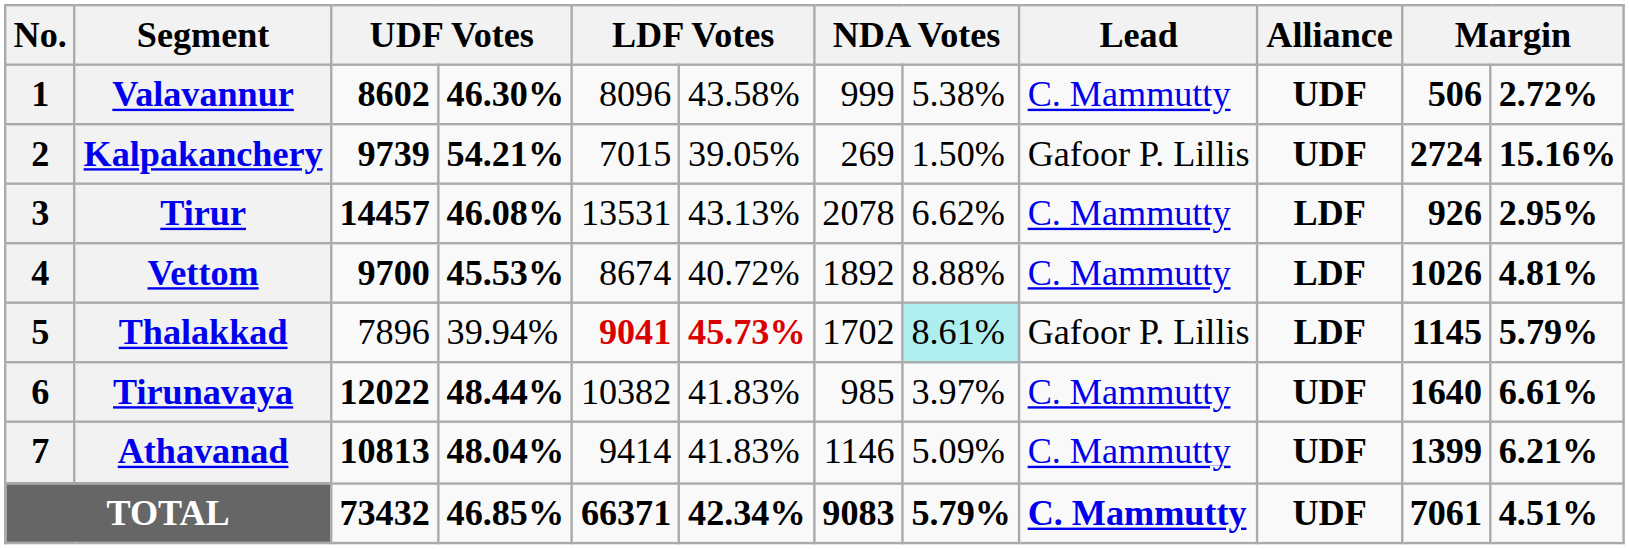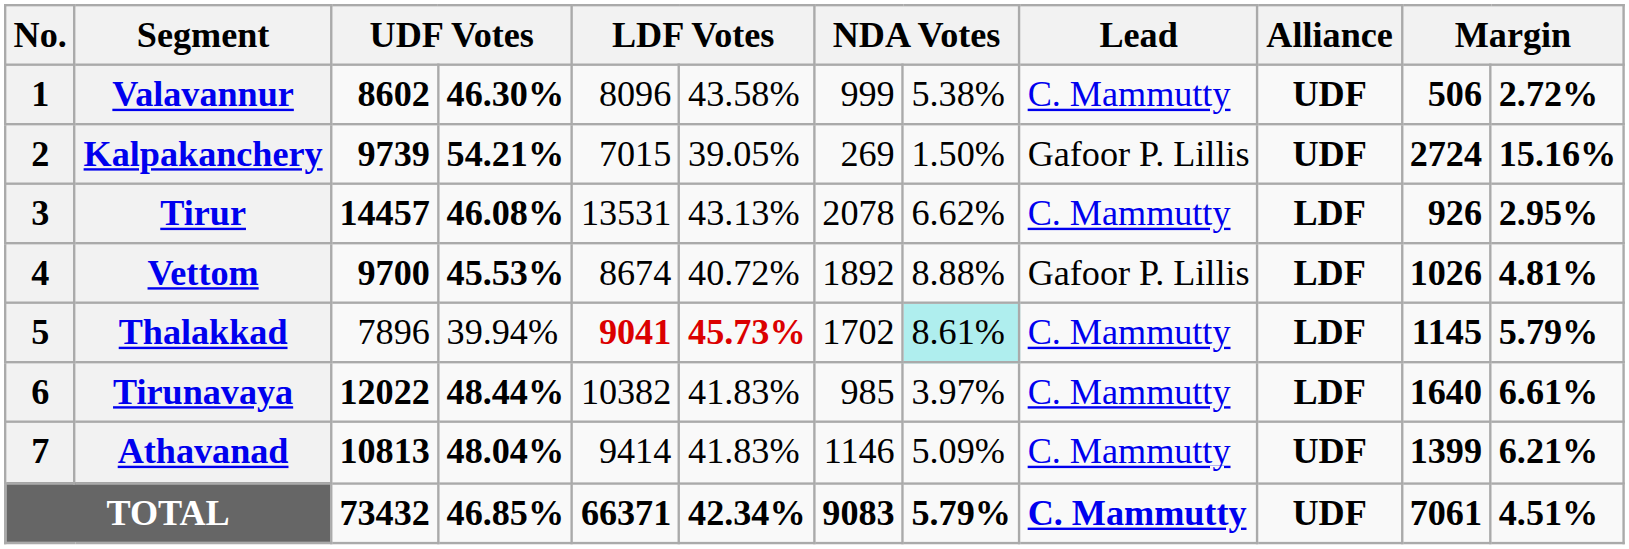 <table class="sortable wikitable" style="font-size: 95%">
 <tr>
 <th>No.</th>
 <th>Segment</th>
 <th colspan="2" style="background:">UDF Votes</th>
 <th colspan="2" style="background:">LDF Votes</th>
 <th colspan="2" style="background:">NDA Votes</th>
 <th>Lead</th>
 <th>Alliance</th>
 <th colspan="2">Margin</th>
 </tr>
 <tr>
 <th>1</th>
 <th><a href='#'>Valavannur</a></th>
 <td align="right" style="color:"><strong>8602</strong></td>
 <td style="color:"><strong>46.30%</strong></td>
 <td align="right">8096</td>
 <td>43.58%</td>
 <td align="right">999</td>
 <td>5.38%</td>
 <td><a href='#'>C. Mammutty</a></td>
 <td align="center" style="background:"><strong>UDF</strong></td>
 <td align="right" style="color:"><strong>506</strong></td>
 <td style="color:"><strong>2.72%</strong></td>
 </tr>
 <tr>
 <th>2</th>
 <th><a href='#'>Kalpakanchery</a></th>
 <td align="right" style="color:"><strong>9739</strong></td>
 <td style="color:"><strong>54.21%</strong></td>
 <td align="right">7015</td>
 <td>39.05%</td>
 <td align="right">269</td>
 <td>1.50%</td>
 <td align="right">Gafoor P. Lillis</td>
 <td align="center" style="background:"><strong>UDF</strong></td>
 <td align="right" style="color:"><strong>2724</strong></td>
 <td style="color:"><strong>15.16%</strong></td>
 </tr>
 <tr>
 <th>3</th>
 <th><a href='#'>Tirur</a></th>
 <td align="right" style="color:"><strong>14457</strong></td>
 <td style="color:"><strong>46.08%</strong></td>
 <td align="right">13531</td>
 <td>43.13%</td>
 <td align="right">2078</td>
 <td>6.62%</td>
 <td><a href='#'>C. Mammutty</a></td>
 <td align="center" style="background:"><strong>LDF</strong></td>
 <td align="right" style="color:"><strong>926</strong></td>
 <td style="color:"><strong>2.95%</strong></td>
 </tr>
 <tr>
 <th>4</th>
 <th><a href='#'>Vettom</a></th>
 <td align="right" style="color:"><strong>9700</strong></td>
 <td style="color:"><strong>45.53%</strong></td>
 <td align="right">8674</td>
 <td>40.72%</td>
 <td align="right">1892</td>
 <td>8.88%</td>
-<td><a href='#'>C. Mammutty</a></td>
+<td align="right">Gafoor P. Lillis</td>
 <td align="center" style="background:"><strong>LDF</strong></td>
 <td align="right" style="color:"><strong>1026</strong></td>
 <td style="color:"><strong>4.81%</strong></td>
 </tr>
 <tr>
 <th>5</th>
 <th><a href='#'>Thalakkad</a></th>
 <td align="right">7896</td>
 <td>39.94%</td>
 <td align="right"style= "color:#DB0000"><strong>9041</strong></td>
 <td style="color:#DB0000"><strong>45.73%</strong></td>
 <td align="right">1702</td>
 <td style="background: paleturquoise;">8.61%</td>
-<td align="right">Gafoor P. Lillis</td>
+<td><a href='#'>C. Mammutty</a></td>
 <td align="center" style="background:"><strong>LDF</strong></td>
 <td align="right" style="color:"><strong>1145</strong></td>
 <td style="color:"><strong>5.79%</strong></td>
 </tr>
 <tr>
 <th>6</th>
 <th><a href='#'>Tirunavaya</a></th>
 <td align="right" style="color:"><strong>12022</strong></td>
 <td style="color:"><strong>48.44%</strong></td>
 <td align="right">10382</td>
 <td>41.83%</td>
 <td align="right">985</td>
 <td>3.97%</td>
 <td><a href='#'>C. Mammutty</a></td>
-<td align="center" style="background:"><strong>UDF</strong></td>
+<td align="center" style="background:"><strong>LDF</strong></td>
 <td align="right" style="color:"><strong>1640</strong></td>
 <td style="color:"><strong>6.61%</strong></td>
 </tr>
 <tr>
 <th>7</th>
 <th><a href='#'>Athavanad</a></th>
 <td align="right" style="color:"><strong>10813</strong></td>
 <td style="color:"><strong>48.04%</strong></td>
 <td align="right">9414</td>
 <td>41.83%</td>
 <td align="right">1146</td>
 <td>5.09%</td>
 <td><a href='#'>C. Mammutty</a></td>
 <td align="center" style="background:"><strong>UDF</strong></td>
 <td align="right" style="color:"><strong>1399</strong></td>
 <td style="color:"><strong>6.21%</strong></td>
 </tr>
 <tr>
 <th colspan="2" style="background-color:#666666; color:white"><strong>TOTAL</strong></th>
 <td align="right" style="background:"><strong>73432</strong></td>
 <td style="background:"><strong>46.85%</strong></td>
 <td align="right" style="background:"><strong>66371</strong></td>
 <td style="background:"><strong>42.34%</strong></td>
 <td align="right" style="background:"><strong>9083</strong></td>
 <td style="background:"><strong>5.79%</strong></td>
 <td><strong><a href='#'>C. Mammutty</a></strong></td>
 <td align="center" style="background:"><strong>UDF</strong></td>
 <td align="right" style="color:"><strong>7061</strong></td>
 <td style="color:"><strong>4.51%</strong></td>
 </tr>
 </table>
